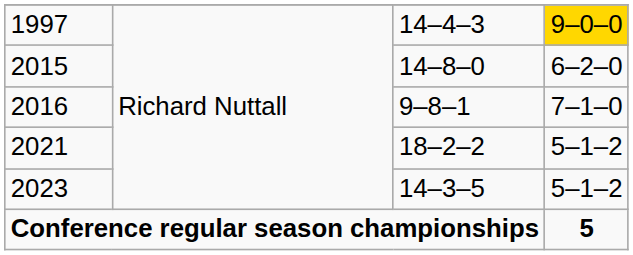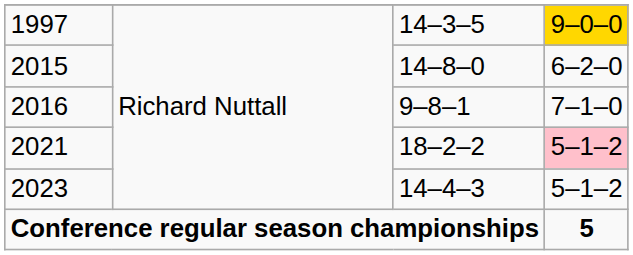 <table class="wikitable" style="font-size:100%;" style="text-align: center;">
 <tr>
 </tr>
 <tr>
 <td>1997</td>
 <td rowspan="5">Richard Nuttall</td>
-<td>14–4–3</td>
+<td>14–3–5</td>
 <td style="background: gold;">9–0–0</td>
 </tr>
 <tr>
 <td>2015</td>
 <td>14–8–0</td>
 <td>6–2–0</td>
 </tr>
 <tr>
 <td>2016</td>
 <td>9–8–1</td>
 <td>7–1–0</td>
 </tr>
 <tr>
 <td>2021</td>
 <td>18–2–2</td>
-<td>5–1–2</td>
+<td style="background: pink;">5–1–2</td>
 </tr>
 <tr>
 <td>2023</td>
-<td>14–3–5</td>
+<td>14–4–3</td>
 <td>5–1–2</td>
 </tr>
 <tr style="text-align:center; ">
 <td colspan="3"><strong>Conference regular season championships</strong></td>
 <td colspan="1"><strong>5</strong></td>
 </tr>
 </table>
